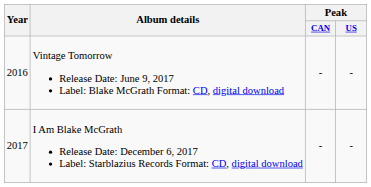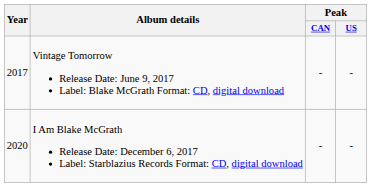 <table class="wikitable" style="text-align:center;">
 <tr>
 <th rowspan="2">Year</th>
 <th rowspan="2">Album details</th>
 <th colspan="2">Peak</th>
 </tr>
 <tr style="font-size:smaller;">
 <th width="40"><a href='#'>CAN</a></th>
 <th width="40"><a href='#'>US</a></th>
 </tr>
 <tr>
-<td>2016</td>
+<td>2017</td>
 <td align="left"><br>Vintage Tomorrow<ul><li>Release Date: June 9, 2017</li><li>Label: Blake McGrath Format: <a href='#'>CD</a>, <a href='#'>digital download</a></li></ul></td>
 <td>-</td>
 <td>-</td>
 </tr>
 <tr>
-<td>2017</td>
+<td>2020</td>
 <td align="left"><br>I Am Blake McGrath<ul><li>Release Date: December 6, 2017</li><li>Label: Starblazius Records Format: <a href='#'>CD</a>, <a href='#'>digital download</a></li></ul></td>
 <td>-</td>
 <td>-</td>
 </tr>
 </table>
